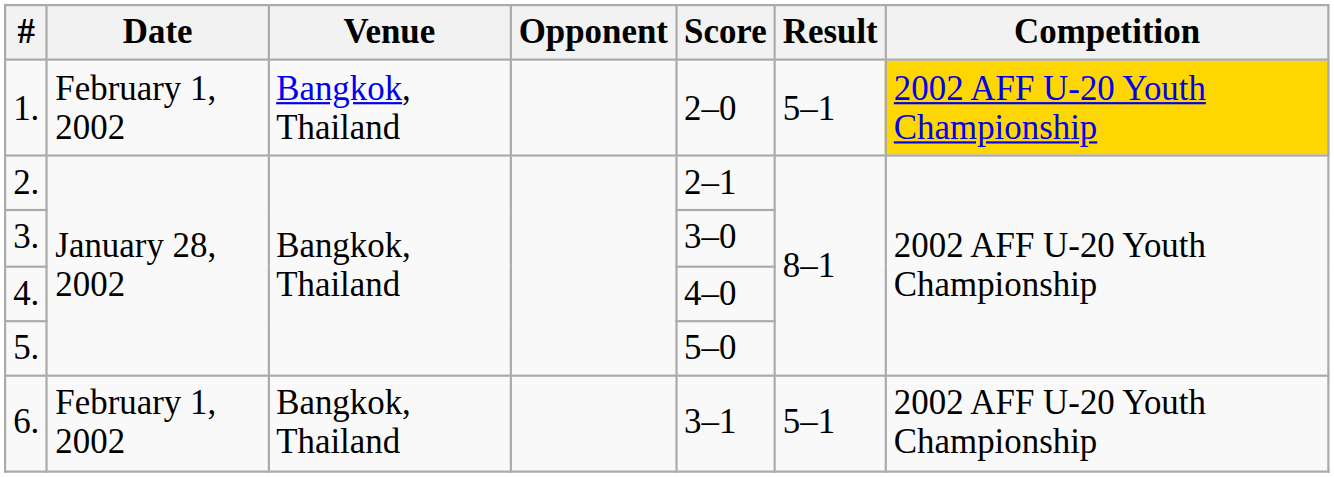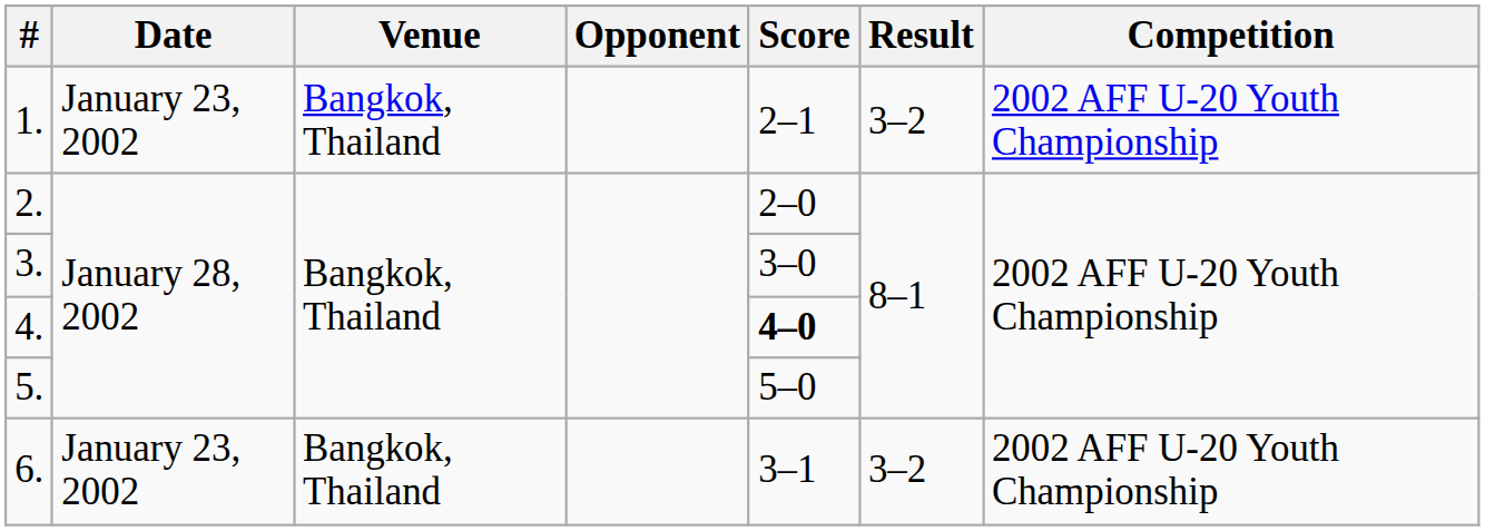 <table class="wikitable">
 <tr>
 <th>#</th>
 <th>Date</th>
 <th>Venue</th>
 <th>Opponent</th>
 <th>Score</th>
 <th>Result</th>
 <th>Competition</th>
 </tr>
 <tr>
 <td>1.</td>
-<td>February 1, 2002</td>
+<td>January 23, 2002</td>
 <td><a href='#'>Bangkok</a>, Thailand</td>
 <td></td>
-<td>2–0</td>
-<td>5–1</td>
-<td style="background: gold;"><a href='#'>2002 AFF U-20 Youth Championship</a></td>
+<td>2–1</td>
+<td>3–2</td>
+<td><a href='#'>2002 AFF U-20 Youth Championship</a></td>
 </tr>
 <tr>
 <td>2.</td>
 <td rowspan="4">January 28, 2002</td>
 <td rowspan="4">Bangkok, Thailand</td>
 <td rowspan="4"></td>
-<td>2–1</td>
+<td>2–0</td>
 <td rowspan="4">8–1</td>
 <td rowspan="4">2002 AFF U-20 Youth Championship</td>
 </tr>
 <tr>
 <td>3.</td>
 <td>3–0</td>
 </tr>
 <tr>
 <td>4.</td>
-<td>4–0</td>
+<td><strong>4–0</strong></td>
 </tr>
 <tr>
 <td>5.</td>
 <td>5–0</td>
 </tr>
 <tr>
 <td>6.</td>
-<td>February 1, 2002</td>
+<td>January 23, 2002</td>
 <td>Bangkok, Thailand</td>
 <td></td>
 <td>3–1</td>
-<td>5–1</td>
+<td>3–2</td>
 <td>2002 AFF U-20 Youth Championship</td>
 </tr>
 </table>
